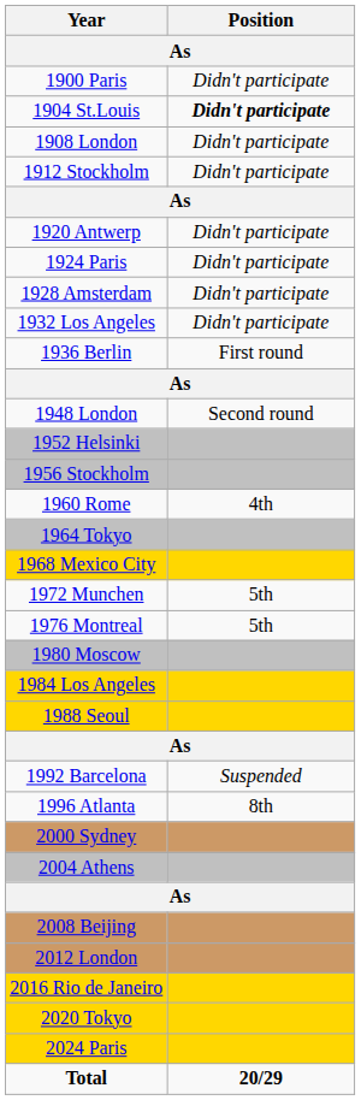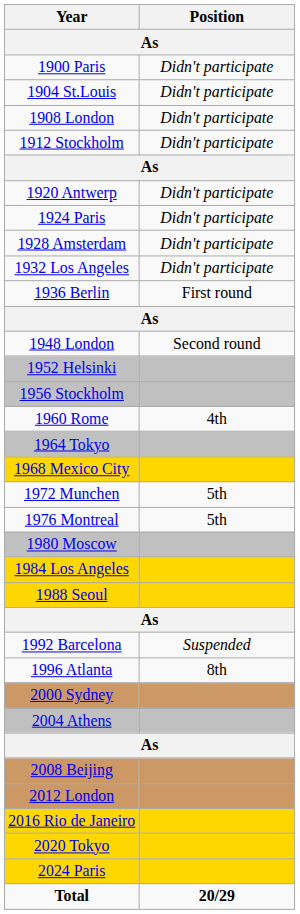 <table class="wikitable" style="text-align: center;">
 <tr>
 <th>Year</th>
 <th width="150">Position</th>
 </tr>
 <tr>
 <th colspan=2>As </th>
 </tr>
 <tr>
 <td> <a href='#'>1900 Paris</a></td>
 <td><em>Didn't participate</em></td>
 </tr>
 <tr>
 <td> <a href='#'>1904 St.Louis</a></td>
-<td><strong><em>Didn't participate</em></strong></td>
+<td><em>Didn't participate</em></td>
 </tr>
 <tr>
 <td> <a href='#'>1908 London</a></td>
 <td><em>Didn't participate</em></td>
 </tr>
 <tr>
 <td> <a href='#'>1912 Stockholm</a></td>
 <td><em>Didn't participate</em></td>
 </tr>
 <tr>
 <th colspan=2>As </th>
 </tr>
 <tr>
 <td> <a href='#'>1920 Antwerp</a></td>
 <td><em>Didn't participate</em></td>
 </tr>
 <tr>
 <td> <a href='#'>1924 Paris</a></td>
 <td><em>Didn't participate</em></td>
 </tr>
 <tr>
 <td> <a href='#'>1928 Amsterdam</a></td>
 <td><em>Didn't participate</em></td>
 </tr>
 <tr>
 <td> <a href='#'>1932 Los Angeles</a></td>
 <td><em>Didn't participate</em></td>
 </tr>
 <tr>
 <td> <a href='#'>1936 Berlin</a></td>
 <td>First round</td>
 </tr>
 <tr>
 <th colspan=2>As </th>
 </tr>
 <tr>
 <td> <a href='#'>1948 London</a></td>
 <td>Second round</td>
 </tr>
 <tr bgcolor=silver>
 <td> <a href='#'>1952 Helsinki</a></td>
 <td></td>
 </tr>
 <tr bgcolor=silver>
 <td> <a href='#'>1956 Stockholm</a></td>
 <td></td>
 </tr>
 <tr>
 <td> <a href='#'>1960 Rome</a></td>
 <td>4th</td>
 </tr>
 <tr bgcolor=silver>
 <td> <a href='#'>1964 Tokyo</a></td>
 <td></td>
 </tr>
 <tr bgcolor=gold>
 <td> <a href='#'>1968 Mexico City</a></td>
 <td></td>
 </tr>
 <tr>
 <td> <a href='#'>1972 Munchen</a></td>
 <td>5th</td>
 </tr>
 <tr>
 <td> <a href='#'>1976 Montreal</a></td>
 <td>5th</td>
 </tr>
 <tr bgcolor=silver>
 <td> <a href='#'>1980 Moscow</a></td>
 <td></td>
 </tr>
 <tr bgcolor=gold>
 <td> <a href='#'>1984 Los Angeles</a></td>
 <td></td>
 </tr>
 <tr bgcolor=gold>
 <td> <a href='#'>1988 Seoul</a></td>
 <td></td>
 </tr>
 <tr>
 <th colspan=2>As <strong></strong></th>
 </tr>
 <tr>
 <td> <a href='#'>1992 Barcelona</a></td>
 <td><em>Suspended</em></td>
 </tr>
 <tr>
 <td> <a href='#'>1996 Atlanta</a></td>
 <td>8th</td>
 </tr>
 <tr bgcolor=cc9966>
 <td> <a href='#'>2000 Sydney</a></td>
 <td></td>
 </tr>
 <tr>
 </tr>
 <tr bgcolor=silver>
 <td> <a href='#'>2004 Athens</a></td>
 <td></td>
 </tr>
 <tr>
 <th colspan=2>As </th>
 </tr>
 <tr bgcolor=cc9966>
 <td> <a href='#'>2008 Beijing</a></td>
 <td></td>
 </tr>
 <tr>
 </tr>
 <tr bgcolor=cc9966>
 <td> <a href='#'>2012 London</a></td>
 <td></td>
 </tr>
 <tr bgcolor=gold>
 <td> <a href='#'>2016 Rio de Janeiro</a></td>
 <td></td>
 </tr>
 <tr bgcolor=gold>
 <td> <a href='#'>2020 Tokyo</a></td>
 <td></td>
 </tr>
 <tr bgcolor=gold>
 <td> <a href='#'>2024 Paris</a></td>
 <td></td>
 </tr>
 <tr>
 <td><strong>Total</strong></td>
 <td><strong>20/29</strong></td>
 </tr>
 </table>
